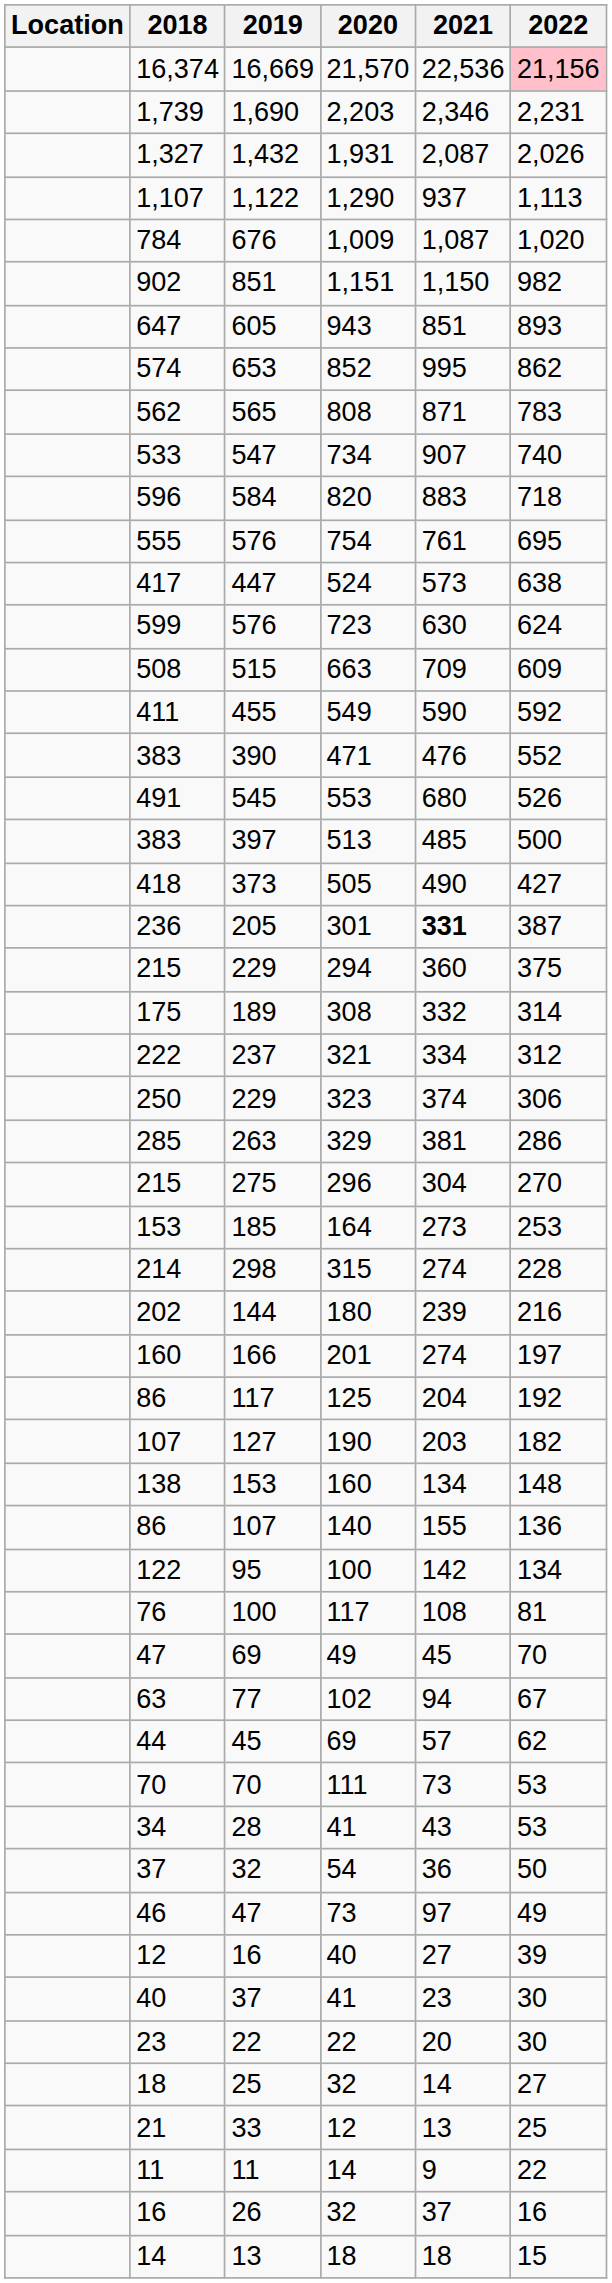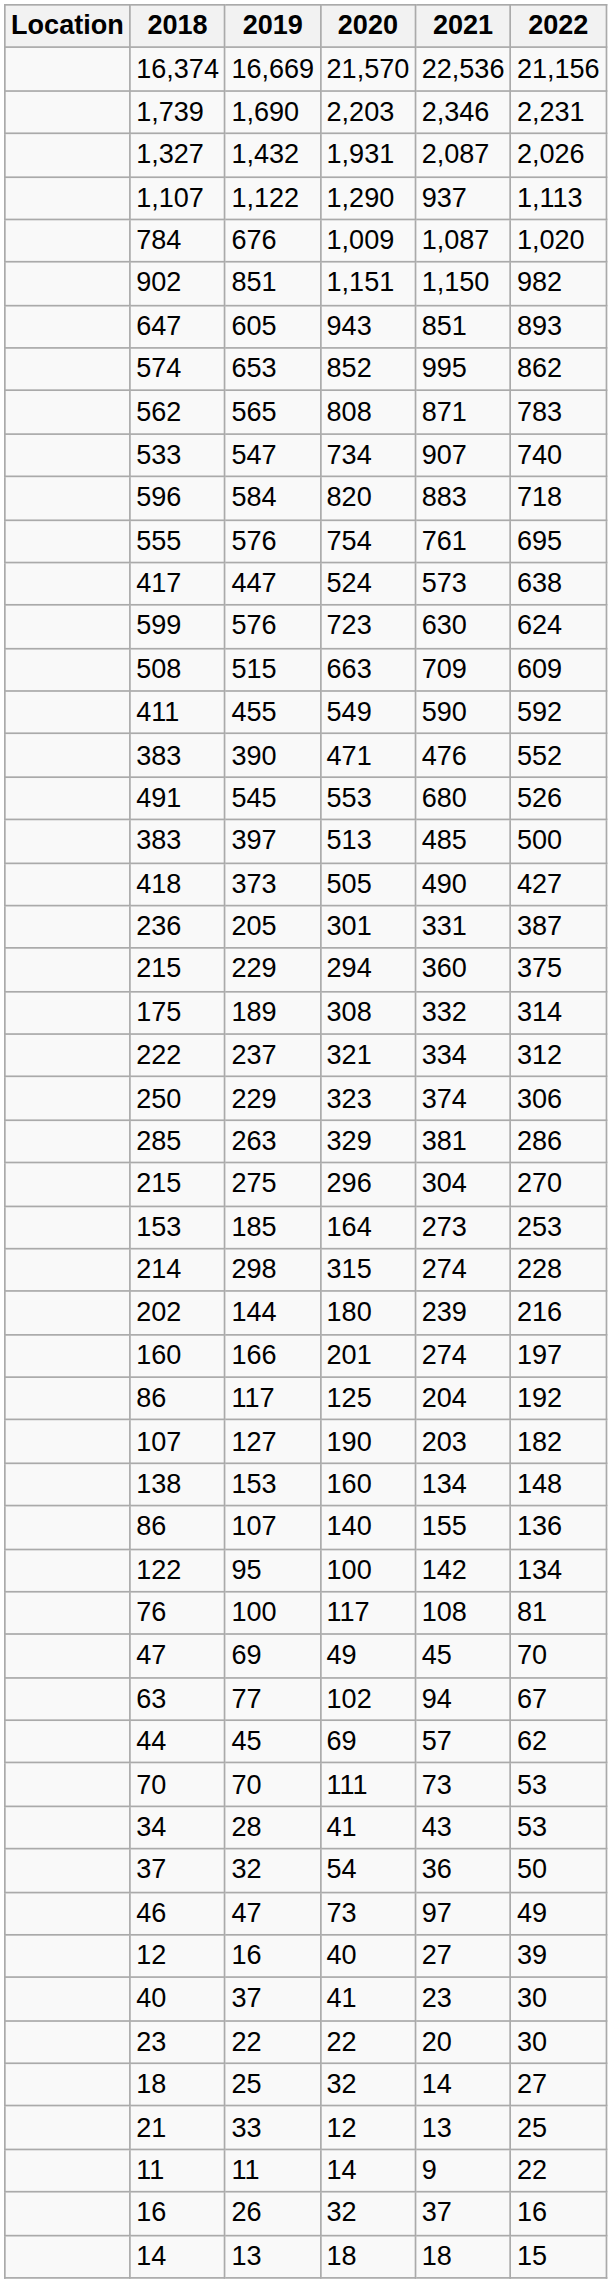 <table class="wikitable sortable static-row-numbers sort-under col1left sticky-table-head sticky-table-col1 mw-datatable" >
 <tr>
 <th>Location</th>
 <th>2018</th>
 <th>2019</th>
 <th>2020</th>
 <th>2021</th>
 <th>2022</th>
 </tr>
 <tr class=static-row-numbers-norank>
 <td></td>
 <td>16,374</td>
 <td>16,669</td>
 <td>21,570</td>
 <td>22,536</td>
-<td style="background: pink;">21,156</td>
+<td>21,156</td>
 </tr>
 <tr>
 <td></td>
 <td>1,739</td>
 <td>1,690</td>
 <td>2,203</td>
 <td>2,346</td>
 <td>2,231</td>
 </tr>
 <tr>
 <td></td>
 <td>1,327</td>
 <td>1,432</td>
 <td>1,931</td>
 <td>2,087</td>
 <td>2,026</td>
 </tr>
 <tr>
 <td></td>
 <td>1,107</td>
 <td>1,122</td>
 <td>1,290</td>
 <td>937</td>
 <td>1,113</td>
 </tr>
 <tr>
 <td></td>
 <td>784</td>
 <td>676</td>
 <td>1,009</td>
 <td>1,087</td>
 <td>1,020</td>
 </tr>
 <tr>
 <td></td>
 <td>902</td>
 <td>851</td>
 <td>1,151</td>
 <td>1,150</td>
 <td>982</td>
 </tr>
 <tr>
 <td></td>
 <td>647</td>
 <td>605</td>
 <td>943</td>
 <td>851</td>
 <td>893</td>
 </tr>
 <tr>
 <td></td>
 <td>574</td>
 <td>653</td>
 <td>852</td>
 <td>995</td>
 <td>862</td>
 </tr>
 <tr>
 <td></td>
 <td>562</td>
 <td>565</td>
 <td>808</td>
 <td>871</td>
 <td>783</td>
 </tr>
 <tr>
 <td></td>
 <td>533</td>
 <td>547</td>
 <td>734</td>
 <td>907</td>
 <td>740</td>
 </tr>
 <tr>
 <td></td>
 <td>596</td>
 <td>584</td>
 <td>820</td>
 <td>883</td>
 <td>718</td>
 </tr>
 <tr>
 <td></td>
 <td>555</td>
 <td>576</td>
 <td>754</td>
 <td>761</td>
 <td>695</td>
 </tr>
 <tr>
 <td></td>
 <td>417</td>
 <td>447</td>
 <td>524</td>
 <td>573</td>
 <td>638</td>
 </tr>
 <tr>
 <td></td>
 <td>599</td>
 <td>576</td>
 <td>723</td>
 <td>630</td>
 <td>624</td>
 </tr>
 <tr>
 <td></td>
 <td>508</td>
 <td>515</td>
 <td>663</td>
 <td>709</td>
 <td>609</td>
 </tr>
 <tr>
 <td></td>
 <td>411</td>
 <td>455</td>
 <td>549</td>
 <td>590</td>
 <td>592</td>
 </tr>
 <tr>
 <td></td>
 <td>383</td>
 <td>390</td>
 <td>471</td>
 <td>476</td>
 <td>552</td>
 </tr>
 <tr>
 <td></td>
 <td>491</td>
 <td>545</td>
 <td>553</td>
 <td>680</td>
 <td>526</td>
 </tr>
 <tr>
 <td></td>
 <td>383</td>
 <td>397</td>
 <td>513</td>
 <td>485</td>
 <td>500</td>
 </tr>
 <tr>
 <td></td>
 <td>418</td>
 <td>373</td>
 <td>505</td>
 <td>490</td>
 <td>427</td>
 </tr>
 <tr>
 <td></td>
 <td>236</td>
 <td>205</td>
 <td>301</td>
-<td><strong>331</strong></td>
+<td>331</td>
 <td>387</td>
 </tr>
 <tr>
 <td></td>
 <td>215</td>
 <td>229</td>
 <td>294</td>
 <td>360</td>
 <td>375</td>
 </tr>
 <tr>
 <td></td>
 <td>175</td>
 <td>189</td>
 <td>308</td>
 <td>332</td>
 <td>314</td>
 </tr>
 <tr>
 <td></td>
 <td>222</td>
 <td>237</td>
 <td>321</td>
 <td>334</td>
 <td>312</td>
 </tr>
 <tr>
 <td></td>
 <td>250</td>
 <td>229</td>
 <td>323</td>
 <td>374</td>
 <td>306</td>
 </tr>
 <tr>
 <td></td>
 <td>285</td>
 <td>263</td>
 <td>329</td>
 <td>381</td>
 <td>286</td>
 </tr>
 <tr>
 <td></td>
 <td>215</td>
 <td>275</td>
 <td>296</td>
 <td>304</td>
 <td>270</td>
 </tr>
 <tr>
 <td></td>
 <td>153</td>
 <td>185</td>
 <td>164</td>
 <td>273</td>
 <td>253</td>
 </tr>
 <tr>
 <td></td>
 <td>214</td>
 <td>298</td>
 <td>315</td>
 <td>274</td>
 <td>228</td>
 </tr>
 <tr>
 <td></td>
 <td>202</td>
 <td>144</td>
 <td>180</td>
 <td>239</td>
 <td>216</td>
 </tr>
 <tr class=static-row-numbers-norank>
 <td></td>
 <td>160</td>
 <td>166</td>
 <td>201</td>
 <td>274</td>
 <td>197</td>
 </tr>
 <tr>
 <td></td>
 <td>86</td>
 <td>117</td>
 <td>125</td>
 <td>204</td>
 <td>192</td>
 </tr>
 <tr>
 <td></td>
 <td>107</td>
 <td>127</td>
 <td>190</td>
 <td>203</td>
 <td>182</td>
 </tr>
 <tr>
 <td></td>
 <td>138</td>
 <td>153</td>
 <td>160</td>
 <td>134</td>
 <td>148</td>
 </tr>
 <tr>
 <td></td>
 <td>86</td>
 <td>107</td>
 <td>140</td>
 <td>155</td>
 <td>136</td>
 </tr>
 <tr>
 <td></td>
 <td>122</td>
 <td>95</td>
 <td>100</td>
 <td>142</td>
 <td>134</td>
 </tr>
 <tr>
 <td></td>
 <td>76</td>
 <td>100</td>
 <td>117</td>
 <td>108</td>
 <td>81</td>
 </tr>
 <tr>
 <td></td>
 <td>47</td>
 <td>69</td>
 <td>49</td>
 <td>45</td>
 <td>70</td>
 </tr>
 <tr>
 <td></td>
 <td>63</td>
 <td>77</td>
 <td>102</td>
 <td>94</td>
 <td>67</td>
 </tr>
 <tr>
 <td></td>
 <td>44</td>
 <td>45</td>
 <td>69</td>
 <td>57</td>
 <td>62</td>
 </tr>
 <tr>
 <td></td>
 <td>70</td>
 <td>70</td>
 <td>111</td>
 <td>73</td>
 <td>53</td>
 </tr>
 <tr>
 <td></td>
 <td>34</td>
 <td>28</td>
 <td>41</td>
 <td>43</td>
 <td>53</td>
 </tr>
 <tr>
 <td></td>
 <td>37</td>
 <td>32</td>
 <td>54</td>
 <td>36</td>
 <td>50</td>
 </tr>
 <tr>
 <td></td>
 <td>46</td>
 <td>47</td>
 <td>73</td>
 <td>97</td>
 <td>49</td>
 </tr>
 <tr>
 <td></td>
 <td>12</td>
 <td>16</td>
 <td>40</td>
 <td>27</td>
 <td>39</td>
 </tr>
 <tr>
 <td></td>
 <td>40</td>
 <td>37</td>
 <td>41</td>
 <td>23</td>
 <td>30</td>
 </tr>
 <tr>
 <td></td>
 <td>23</td>
 <td>22</td>
 <td>22</td>
 <td>20</td>
 <td>30</td>
 </tr>
 <tr>
 <td></td>
 <td>18</td>
 <td>25</td>
 <td>32</td>
 <td>14</td>
 <td>27</td>
 </tr>
 <tr>
 <td></td>
 <td>21</td>
 <td>33</td>
 <td>12</td>
 <td>13</td>
 <td>25</td>
 </tr>
 <tr>
 <td></td>
 <td>11</td>
 <td>11</td>
 <td>14</td>
 <td>9</td>
 <td>22</td>
 </tr>
 <tr>
 <td></td>
 <td>16</td>
 <td>26</td>
 <td>32</td>
 <td>37</td>
 <td>16</td>
 </tr>
 <tr>
 <td></td>
 <td>14</td>
 <td>13</td>
 <td>18</td>
 <td>18</td>
 <td>15</td>
 </tr>
 </table>
